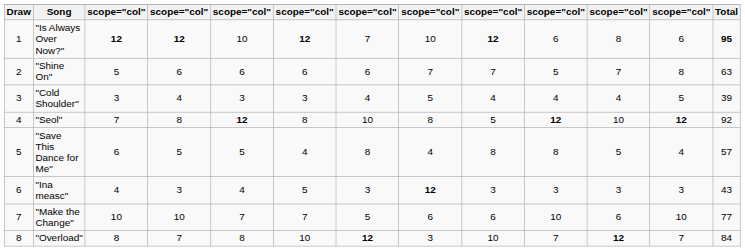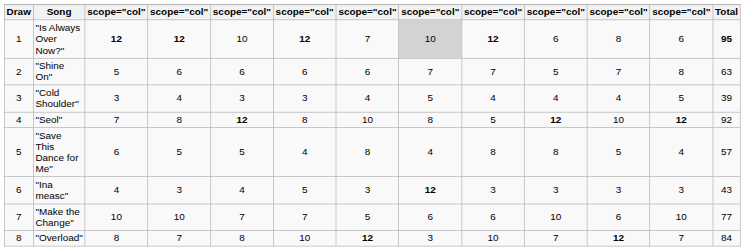 <table class="wikitable plainrowheaders" style="margin: 1em auto 1em auto; text-align:center;">
 <tr>
 </tr>
 <tr>
 <th scope="col">Draw</th>
 <th scope="col">Song</th>
 <th>scope="col" </th>
 <th>scope="col" </th>
 <th>scope="col" </th>
 <th>scope="col" </th>
 <th>scope="col" </th>
 <th>scope="col" </th>
 <th>scope="col" </th>
 <th>scope="col" </th>
 <th>scope="col" </th>
 <th>scope="col" </th>
 <th scope="col">Total</th>
 </tr>
 <tr --->
 <td>1</td>
 <td align="left">"Is Always Over Now?"</td>
 <td><strong>12</strong></td>
 <td><strong>12</strong></td>
 <td>10</td>
 <td><strong>12</strong></td>
 <td>7</td>
-<td>10</td>
+<td style="background: lightgrey;">10</td>
 <td><strong>12</strong></td>
 <td>6</td>
 <td>8</td>
 <td>6</td>
 <td><strong>95</strong></td>
 </tr>
 <tr --->
 <td>2</td>
 <td align="left">"Shine On"</td>
 <td>5</td>
 <td>6</td>
 <td>6</td>
 <td>6</td>
 <td>6</td>
 <td>7</td>
 <td>7</td>
 <td>5</td>
 <td>7</td>
 <td>8</td>
 <td>63</td>
 </tr>
 <tr --->
 <td>3</td>
 <td align="left">"Cold Shoulder"</td>
 <td>3</td>
 <td>4</td>
 <td>3</td>
 <td>3</td>
 <td>4</td>
 <td>5</td>
 <td>4</td>
 <td>4</td>
 <td>4</td>
 <td>5</td>
 <td>39</td>
 </tr>
 <tr --->
 <td>4</td>
 <td align="left">"Seol"</td>
 <td>7</td>
 <td>8</td>
 <td><strong>12</strong></td>
 <td>8</td>
 <td>10</td>
 <td>8</td>
 <td>5</td>
 <td><strong>12</strong></td>
 <td>10</td>
 <td><strong>12</strong></td>
 <td>92</td>
 </tr>
 <tr --->
 <td>5</td>
 <td align="left">"Save This Dance for Me"</td>
 <td>6</td>
 <td>5</td>
 <td>5</td>
 <td>4</td>
 <td>8</td>
 <td>4</td>
 <td>8</td>
 <td>8</td>
 <td>5</td>
 <td>4</td>
 <td>57</td>
 </tr>
 <tr --->
 <td>6</td>
 <td align="left">"Ina measc"</td>
 <td>4</td>
 <td>3</td>
 <td>4</td>
 <td>5</td>
 <td>3</td>
 <td><strong>12</strong></td>
 <td>3</td>
 <td>3</td>
 <td>3</td>
 <td>3</td>
 <td>43</td>
 </tr>
 <tr --->
 <td>7</td>
 <td align="left">"Make the Change"</td>
 <td>10</td>
 <td>10</td>
 <td>7</td>
 <td>7</td>
 <td>5</td>
 <td>6</td>
 <td>6</td>
 <td>10</td>
 <td>6</td>
 <td>10</td>
 <td>77</td>
 </tr>
 <tr --->
 <td>8</td>
 <td align="left">"Overload"</td>
 <td>8</td>
 <td>7</td>
 <td>8</td>
 <td>10</td>
 <td><strong>12</strong></td>
 <td>3</td>
 <td>10</td>
 <td>7</td>
 <td><strong>12</strong></td>
 <td>7</td>
 <td>84</td>
 </tr>
 </table>
